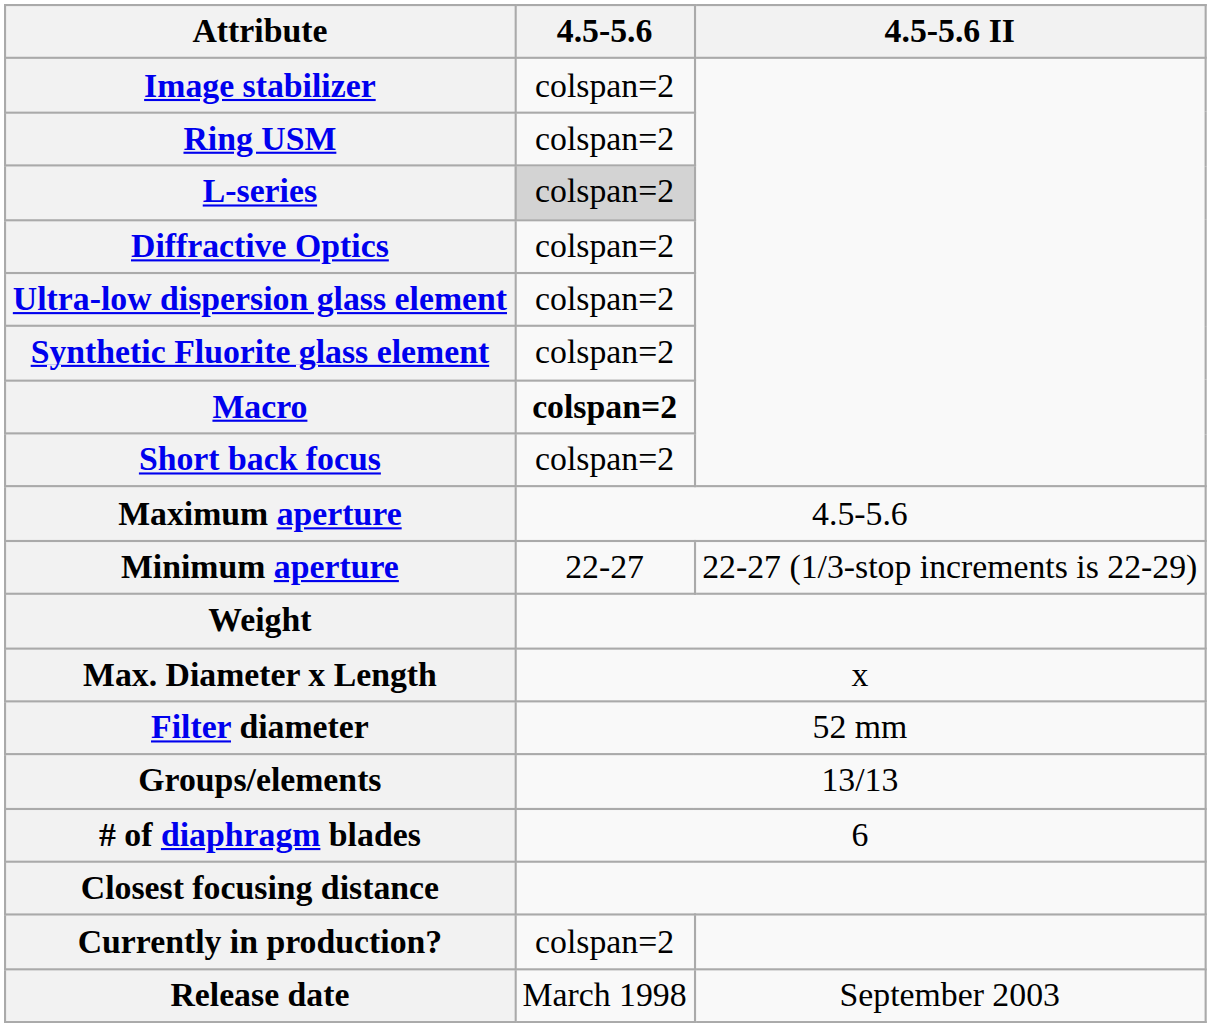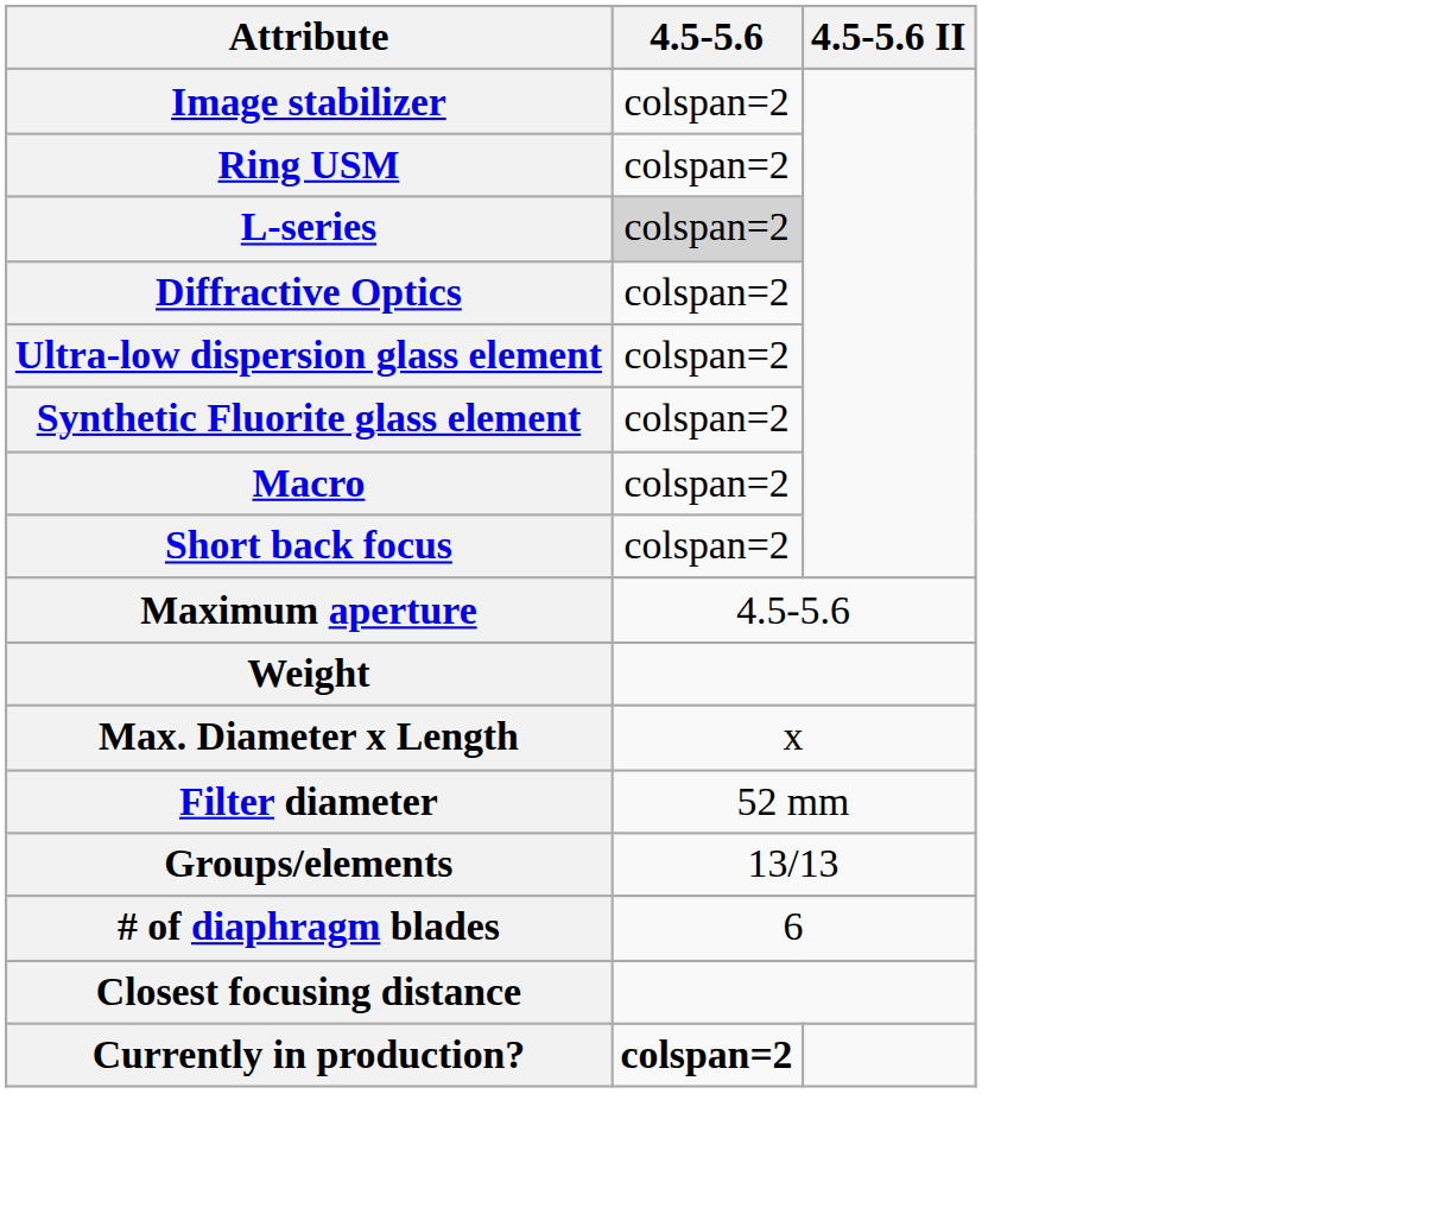 <table class="wikitable" style="text-align:center">
 <tr>
 <th>Attribute</th>
 <th>4.5-5.6</th>
 <th>4.5-5.6 II</th>
 </tr>
 <tr>
 <th><a href='#'>Image stabilizer</a></th>
 <td>colspan=2 </td>
 </tr>
 <tr>
 <th><a href='#'>Ring USM</a></th>
 <td>colspan=2 </td>
 </tr>
 <tr>
 <th><a href='#'>L-series</a></th>
 <td style="background: lightgrey;">colspan=2 </td>
 </tr>
 <tr>
 <th><a href='#'>Diffractive Optics</a></th>
 <td>colspan=2 </td>
 </tr>
 <tr>
 <th><a href='#'>Ultra-low dispersion glass element</a></th>
 <td>colspan=2 </td>
 </tr>
 <tr>
 <th><a href='#'>Synthetic Fluorite glass element</a></th>
 <td>colspan=2 </td>
 </tr>
 <tr>
 <th><a href='#'>Macro</a></th>
-<td><strong>colspan=2 </strong></td>
+<td>colspan=2 </td>
 </tr>
 <tr>
 <th><a href='#'>Short back focus</a></th>
 <td>colspan=2 </td>
 </tr>
 <tr>
 <th>Maximum <a href='#'>aperture</a></th>
 <td colspan=2>4.5-5.6</td>
-</tr>
-<tr>
-<th>Minimum <a href='#'>aperture</a></th>
-<td>22-27</td>
-<td>22-27 (1/3-stop increments is 22-29)</td>
 </tr>
 <tr>
 <th>Weight</th>
 <td colspan=2></td>
 </tr>
 <tr>
 <th>Max. Diameter x Length</th>
 <td colspan=2> x </td>
 </tr>
 <tr>
 <th><a href='#'>Filter</a> diameter</th>
 <td colspan=2>52 mm</td>
 </tr>
 <tr>
 <th>Groups/elements</th>
 <td colspan=2>13/13</td>
 </tr>
 <tr>
 <th># of <a href='#'>diaphragm</a> blades</th>
 <td colspan=2>6</td>
 </tr>
 <tr>
 <th>Closest focusing distance</th>
 <td colspan=2></td>
 </tr>
 <tr>
 <th>Currently in production?</th>
-<td>colspan=2 </td>
-</tr>
-<tr>
-<th>Release date</th>
-<td>March 1998</td>
-<td>September 2003</td>
+<td><strong>colspan=2 </strong></td>
 </tr>
 </table>
